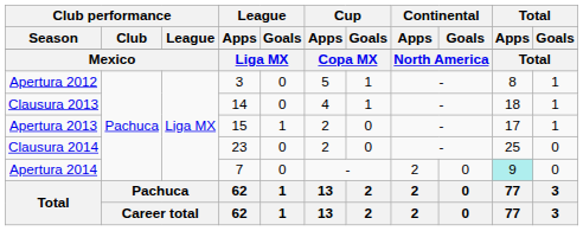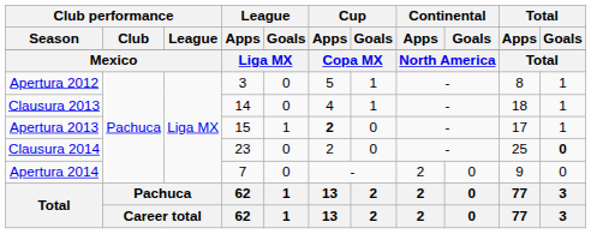 <table class="wikitable" style="text-align:center">
 <tr>
 <th colspan=3>Club performance</th>
 <th colspan=2>League</th>
 <th colspan=2>Cup</th>
 <th colspan=2>Continental</th>
 <th colspan=2>Total</th>
 </tr>
 <tr>
 <th>Season</th>
 <th>Club</th>
 <th>League</th>
 <th>Apps</th>
 <th>Goals</th>
 <th>Apps</th>
 <th>Goals</th>
 <th>Apps</th>
 <th>Goals</th>
 <th>Apps</th>
 <th>Goals</th>
 </tr>
 <tr>
 </tr>
 <tr>
 <th colspan=3>Mexico</th>
 <th colspan=2><a href='#'>Liga MX</a></th>
 <th colspan=2><a href='#'>Copa MX</a></th>
 <th colspan=2><a href='#'>North America</a></th>
 <th colspan=2>Total</th>
 </tr>
 <tr>
 <td><a href='#'>Apertura 2012</a></td>
 <td rowspan="5"><a href='#'>Pachuca</a></td>
 <td rowspan="5"><a href='#'>Liga MX</a></td>
 <td>3</td>
 <td>0</td>
 <td>5</td>
 <td>1</td>
 <td colspan="2">-</td>
 <td>8</td>
 <td>1</td>
 </tr>
 <tr>
 <td><a href='#'>Clausura 2013</a></td>
 <td>14</td>
 <td>0</td>
 <td>4</td>
 <td>1</td>
 <td colspan="2">-</td>
 <td>18</td>
 <td>1</td>
 </tr>
 <tr>
 <td><a href='#'>Apertura 2013</a></td>
 <td>15</td>
 <td>1</td>
-<td>2</td>
+<td><strong>2</strong></td>
 <td>0</td>
 <td colspan="2">-</td>
 <td>17</td>
 <td>1</td>
 </tr>
 <tr>
 <td><a href='#'>Clausura 2014</a></td>
 <td>23</td>
 <td>0</td>
 <td>2</td>
 <td>0</td>
 <td colspan="2">-</td>
 <td>25</td>
-<td>0</td>
+<td><strong>0</strong></td>
 </tr>
 <tr>
 <td><a href='#'>Apertura 2014</a></td>
 <td>7</td>
 <td>0</td>
 <td colspan="2">-</td>
 <td>2</td>
 <td>0</td>
-<td style="background: paleturquoise;">9</td>
+<td>9</td>
 <td>0</td>
 </tr>
 <tr>
 <th rowspan=3>Total</th>
 <th colspan=2>Pachuca</th>
 <th>62</th>
 <th>1</th>
 <th>13</th>
 <th>2</th>
 <th>2</th>
 <th>0</th>
 <th>77</th>
 <th>3</th>
 </tr>
 <tr>
 <th colspan=2>Career total</th>
 <th>62</th>
 <th>1</th>
 <th>13</th>
 <th>2</th>
 <th>2</th>
 <th>0</th>
 <th>77</th>
 <th>3</th>
 </tr>
 </table>
